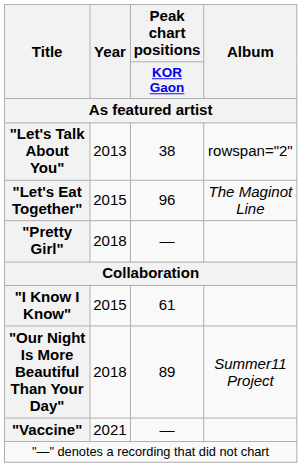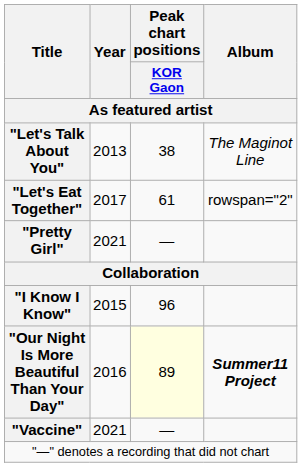 <table class="wikitable plainrowheaders" style="text-align:center; width:50%">
 <tr>
 <th scope="col" rowspan="2">Title</th>
 <th scope="col" rowspan="2">Year</th>
 <th scope="col">Peak chart<br>positions</th>
 <th scope="col" rowspan="2">Album</th>
 </tr>
 <tr>
 <th scope="col" style="font-size:90%; width:2.5em"><a href='#'>KOR<br>Gaon</a><br></th>
 </tr>
 <tr>
 <th scope="col" colspan="5">As featured artist</th>
 </tr>
 <tr>
 <th scope="row">"Let's Talk About You"<br></th>
 <td>2013</td>
 <td>38</td>
+<td><em>The Maginot Line</em></td>
+</tr>
+<tr>
+<th scope="row">"Let's Eat Together"<br></th>
+<td>2017</td>
+<td>61</td>
 <td>rowspan="2" </td>
 </tr>
 <tr>
-<th scope="row">"Let's Eat Together"<br></th>
-<td>2015</td>
-<td>96</td>
-<td><em>The Maginot Line</em></td>
-</tr>
-<tr>
 <th scope="row">"Pretty Girl"<br></th>
-<td>2018</td>
+<td>2021</td>
 <td>—</td>
 </tr>
 <tr>
 <th scope="col" colspan="5">Collaboration</th>
 </tr>
 <tr>
 <th scope="row">"I Know I Know"<br></th>
 <td>2015</td>
-<td>61</td>
+<td>96</td>
 <td></td>
 </tr>
 <tr>
 <th scope="row">"Our Night Is More Beautiful Than Your Day"<br></th>
-<td>2018</td>
-<td>89</td>
-<td><em>Summer11 Project</em></td>
+<td>2016</td>
+<td style="background: lightyellow;">89</td>
+<td><strong><em>Summer11 Project</em></strong></td>
 </tr>
 <tr>
 <th scope="row">"Vaccine" <br></th>
 <td>2021</td>
 <td>—</td>
 <td></td>
 </tr>
 <tr>
 <td colspan="6" style="font-size:85%">"—" denotes a recording that did not chart</td>
 </tr>
 </table>
